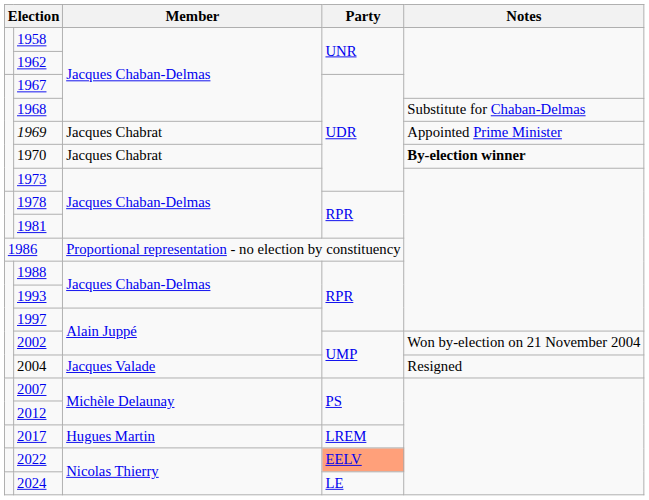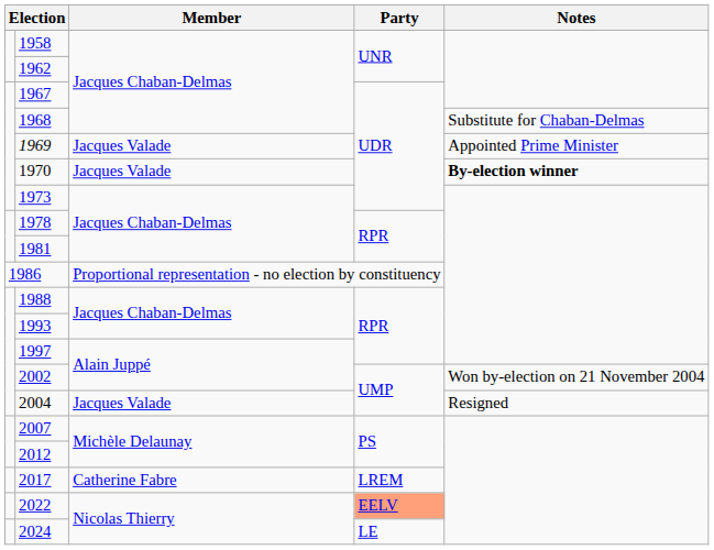 <table class="wikitable">
 <tr>
 <th colspan="2">Election</th>
 <th>Member</th>
 <th>Party</th>
 <th>Notes</th>
 </tr>
 <tr>
 <td rowspan="2" style="color:inherit;background-color: "></td>
 <td><a href='#'>1958</a></td>
 <td rowspan="4"><a href='#'>Jacques Chaban-Delmas</a></td>
 <td rowspan="2"><a href='#'>UNR</a></td>
 </tr>
 <tr>
 <td><a href='#'>1962</a></td>
 </tr>
 <tr>
 <td rowspan="5" style="color:inherit;background-color: "></td>
 <td><a href='#'>1967</a></td>
 <td rowspan="5"><a href='#'>UDR</a></td>
 </tr>
 <tr>
 <td><a href='#'>1968</a></td>
 <td>Substitute for <a href='#'>Chaban-Delmas</a></td>
 </tr>
 <tr>
 <td><em>1969</em></td>
-<td>Jacques Chabrat</td>
+<td><a href='#'>Jacques Valade</a></td>
 <td>Appointed <a href='#'>Prime Minister</a></td>
 </tr>
 <tr>
 <td>1970</td>
-<td>Jacques Chabrat</td>
+<td><a href='#'>Jacques Valade</a></td>
 <td><strong>By-election winner</strong></td>
 </tr>
 <tr>
 <td><a href='#'>1973</a></td>
 <td rowspan="3"><a href='#'>Jacques Chaban-Delmas</a></td>
 </tr>
 <tr>
 <td rowspan="2" style="color:inherit;background-color: "></td>
 <td><a href='#'>1978</a></td>
 <td rowspan="2"><a href='#'>RPR</a></td>
 </tr>
 <tr>
 <td><a href='#'>1981</a></td>
 </tr>
 <tr>
 <td colspan="2"><a href='#'>1986</a></td>
 <td colspan="2"><a href='#'>Proportional representation</a> - no election by constituency</td>
 </tr>
 <tr>
 <td rowspan="5" style="color:inherit;background-color: "></td>
 <td><a href='#'>1988</a></td>
 <td rowspan="2"><a href='#'>Jacques Chaban-Delmas</a></td>
 <td rowspan="3"><a href='#'>RPR</a></td>
 </tr>
 <tr>
 <td><a href='#'>1993</a></td>
 </tr>
 <tr>
 <td><a href='#'>1997</a></td>
 <td rowspan="2"><a href='#'>Alain Juppé</a></td>
 </tr>
 <tr>
 <td><a href='#'>2002</a></td>
 <td rowspan="2"><a href='#'>UMP</a></td>
 <td>Won by-election on 21 November 2004</td>
 </tr>
 <tr>
 <td>2004</td>
 <td><a href='#'>Jacques Valade</a></td>
 <td>Resigned</td>
 </tr>
 <tr>
 <td rowspan=2 style="color:inherit;background-color: "></td>
 <td><a href='#'>2007</a></td>
 <td rowspan=2><a href='#'>Michèle Delaunay</a></td>
 <td rowspan=2><a href='#'>PS</a></td>
 </tr>
 <tr>
 <td><a href='#'>2012</a></td>
 </tr>
 <tr>
 <td style="color:inherit;background-color: "></td>
 <td><a href='#'>2017</a></td>
-<td><a href='#'>Hugues Martin</a></td>
+<td><a href='#'>Catherine Fabre</a></td>
 <td><a href='#'>LREM</a></td>
 </tr>
 <tr>
 <td style="color:inherit;background-color: "></td>
 <td><a href='#'>2022</a></td>
 <td rowspan="2"><a href='#'>Nicolas Thierry</a></td>
 <td style="background: lightsalmon;"><a href='#'>EELV</a></td>
 </tr>
 <tr>
 <td style="color:inherit;background-color: "></td>
 <td><a href='#'>2024</a></td>
 <td><a href='#'>LE</a></td>
 </tr>
 </table>
